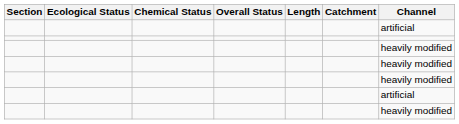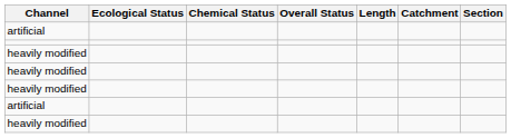 <table class="wikitable">
 <tr>
-<th>Section</th>
+<th>Channel</th>
 <th>Ecological Status</th>
 <th>Chemical Status</th>
 <th>Overall Status</th>
 <th>Length</th>
 <th>Catchment</th>
-<th>Channel</th>
+<th>Section</th>
 </tr>
 <tr>
-<td></td>
-<td></td>
-<td></td>
-<td></td>
-<td></td>
-<td></td>
 <td>artificial</td>
-</tr>
-<tr>
-<td></td>
 <td></td>
 <td></td>
 <td></td>
 <td></td>
 <td></td>
 <td></td>
 </tr>
 <tr>
 <td></td>
 <td></td>
 <td></td>
 <td></td>
 <td></td>
 <td></td>
-<td>heavily modified</td>
+<td></td>
 </tr>
 <tr>
+<td>heavily modified</td>
 <td></td>
 <td></td>
 <td></td>
 <td></td>
 <td></td>
 <td></td>
-<td>heavily modified</td>
 </tr>
 <tr>
+<td>heavily modified</td>
 <td></td>
 <td></td>
 <td></td>
 <td></td>
 <td></td>
 <td></td>
-<td>heavily modified</td>
 </tr>
 <tr>
+<td>heavily modified</td>
 <td></td>
 <td></td>
 <td></td>
 <td></td>
 <td></td>
 <td></td>
-<td>artificial</td>
 </tr>
 <tr>
+<td>artificial</td>
 <td></td>
 <td></td>
 <td></td>
 <td></td>
 <td></td>
 <td></td>
+</tr>
+<tr>
 <td>heavily modified</td>
+<td></td>
+<td></td>
+<td></td>
+<td></td>
+<td></td>
+<td></td>
 </tr>
 </table>
